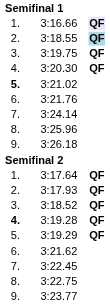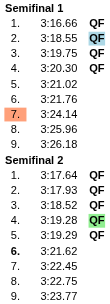 <table style="text-align:center">
 <tr>
 <td colspan=4 align=left><strong>Semifinal 1</strong></td>
 </tr>
 <tr>
 <td width=30>1.</td>
 <td align=left></td>
 <td width=80>3:16.66</td>
-<td style="background: lavender;"><strong>QF</strong></td>
+<td><strong>QF</strong></td>
 </tr>
 <tr>
 <td>2.</td>
 <td align=left></td>
 <td>3:18.55</td>
 <td style="background: lightblue;"><strong>QF</strong></td>
 </tr>
 <tr>
 <td>3.</td>
 <td align=left></td>
 <td>3:19.75</td>
 <td><strong>QF</strong></td>
 </tr>
 <tr>
 <td>4.</td>
 <td align=left></td>
 <td>3:20.30</td>
 <td><strong>QF</strong></td>
 </tr>
 <tr>
-<td><strong>5.</strong></td>
+<td>5.</td>
 <td align=left></td>
 <td>3:21.02</td>
 <td></td>
 </tr>
 <tr>
 <td>6.</td>
 <td align=left></td>
 <td>3:21.76</td>
 <td></td>
 </tr>
 <tr>
-<td>7.</td>
+<td style="background: lightsalmon;">7.</td>
 <td align=left></td>
 <td>3:24.14</td>
 <td></td>
 </tr>
 <tr>
 <td>8.</td>
 <td align=left></td>
 <td>3:25.96</td>
 <td></td>
 </tr>
 <tr>
 <td>9.</td>
 <td align=left></td>
 <td>3:26.18</td>
 <td></td>
 </tr>
 <tr>
 <td colspan=4 align=left><strong>Semifinal 2</strong></td>
 </tr>
 <tr>
 <td>1.</td>
 <td align=left></td>
 <td>3:17.64</td>
 <td><strong>QF</strong></td>
 </tr>
 <tr>
 <td>2.</td>
 <td align=left></td>
 <td>3:17.93</td>
 <td><strong>QF</strong></td>
 </tr>
 <tr>
 <td>3.</td>
 <td align=left></td>
 <td>3:18.52</td>
 <td><strong>QF</strong></td>
 </tr>
 <tr>
-<td><strong>4.</strong></td>
+<td>4.</td>
 <td align=left></td>
 <td>3:19.28</td>
-<td><strong>QF</strong></td>
+<td style="background: lightgreen;"><strong>QF</strong></td>
 </tr>
 <tr>
 <td>5.</td>
 <td align=left></td>
 <td>3:19.29</td>
 <td><strong>QF</strong></td>
 </tr>
 <tr>
-<td>6.</td>
+<td><strong>6.</strong></td>
 <td align=left></td>
 <td>3:21.62</td>
 <td></td>
 </tr>
 <tr>
 <td>7.</td>
 <td align=left></td>
 <td>3:22.45</td>
 <td></td>
 </tr>
 <tr>
 <td>8.</td>
 <td align=left></td>
 <td>3:22.75</td>
 <td></td>
 </tr>
 <tr>
 <td>9.</td>
 <td align=left></td>
 <td>3:23.77</td>
 <td></td>
 </tr>
 </table>
